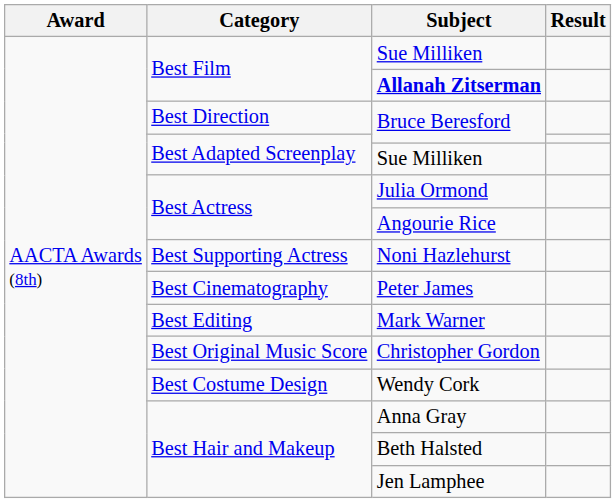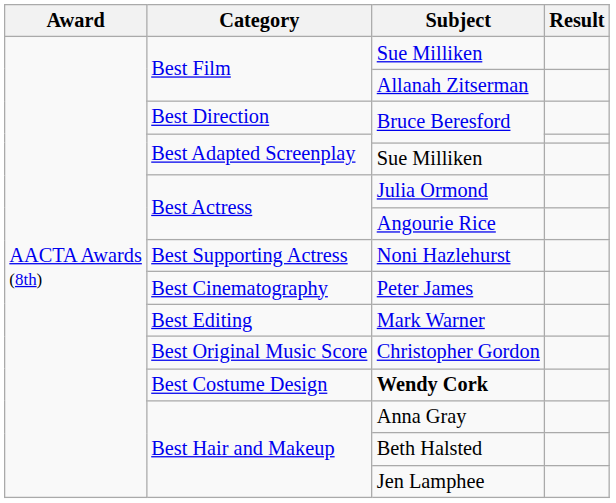 <table class="wikitable">
 <tr>
 <th>Award</th>
 <th>Category</th>
 <th>Subject</th>
 <th>Result</th>
 </tr>
 <tr>
 <td rowspan=15><a href='#'>AACTA Awards</a><br><small>(<a href='#'>8th</a>)</small></td>
 <td rowspan=2><a href='#'>Best Film</a></td>
 <td><a href='#'>Sue Milliken</a></td>
 <td></td>
 </tr>
 <tr>
-<td><strong><a href='#'>Allanah Zitserman</a></strong></td>
+<td><a href='#'>Allanah Zitserman</a></td>
 <td></td>
 </tr>
 <tr>
 <td><a href='#'>Best Direction</a></td>
 <td rowspan=2><a href='#'>Bruce Beresford</a></td>
 <td></td>
 </tr>
 <tr>
 <td rowspan=2><a href='#'>Best Adapted Screenplay</a></td>
 <td></td>
 </tr>
 <tr>
 <td>Sue Milliken</td>
 <td></td>
 </tr>
 <tr>
 <td rowspan=2><a href='#'>Best Actress</a></td>
 <td><a href='#'>Julia Ormond</a></td>
 <td></td>
 </tr>
 <tr>
 <td><a href='#'>Angourie Rice</a></td>
 <td></td>
 </tr>
 <tr>
 <td><a href='#'>Best Supporting Actress</a></td>
 <td><a href='#'>Noni Hazlehurst</a></td>
 <td></td>
 </tr>
 <tr>
 <td><a href='#'>Best Cinematography</a></td>
 <td><a href='#'>Peter James</a></td>
 <td></td>
 </tr>
 <tr>
 <td><a href='#'>Best Editing</a></td>
 <td><a href='#'>Mark Warner</a></td>
 <td></td>
 </tr>
 <tr>
 <td><a href='#'>Best Original Music Score</a></td>
 <td><a href='#'>Christopher Gordon</a></td>
 <td></td>
 </tr>
 <tr>
 <td><a href='#'>Best Costume Design</a></td>
-<td>Wendy Cork</td>
+<td><strong>Wendy Cork</strong></td>
 <td></td>
 </tr>
 <tr>
 <td rowspan=3><a href='#'>Best Hair and Makeup</a></td>
 <td>Anna Gray</td>
 <td></td>
 </tr>
 <tr>
 <td>Beth Halsted</td>
 <td></td>
 </tr>
 <tr>
 <td>Jen Lamphee</td>
 <td></td>
 </tr>
 </table>
